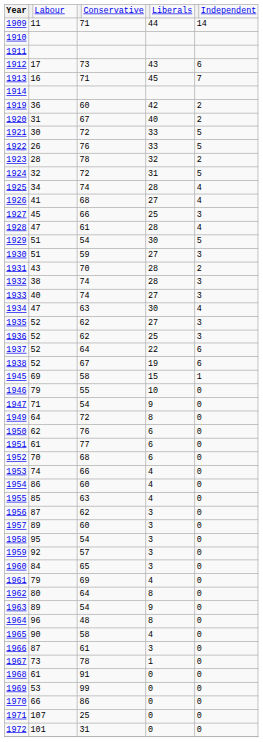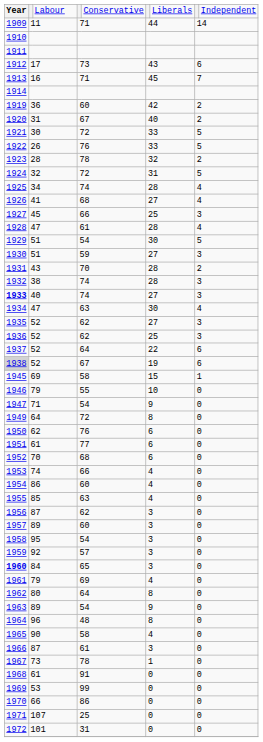 <table class="wikitable" style="font-size: 95%;">
 <tr>
 <th>Year</th>
 <th style="background-color: "></th>
 <td width="60"><a href='#'>Labour</a></td>
 <th style="background-color: "></th>
 <td width="60"><a href='#'>Conservative</a></td>
 <th style="background-color: "></th>
 <td width="60"><a href='#'>Liberals</a></td>
 <th style="background-color: "></th>
 <td width="60"><a href='#'>Independent</a></td>
 </tr>
 <tr>
 <td><a href='#'>1909</a></td>
 <td colspan="2">11</td>
 <td colspan="2">71</td>
 <td colspan="2">44</td>
 <td colspan="2">14</td>
 </tr>
 <tr>
 <td><a href='#'>1910</a></td>
 <td colspan="2"></td>
 <td colspan="2"></td>
 <td colspan="2"></td>
 <td colspan="2"></td>
 </tr>
 <tr>
 <td><a href='#'>1911</a></td>
 <td colspan="2"></td>
 <td colspan="2"></td>
 <td colspan="2"></td>
 <td colspan="2"></td>
 </tr>
 <tr>
 <td><a href='#'>1912</a></td>
 <td colspan="2">17</td>
 <td colspan="2">73</td>
 <td colspan="2">43</td>
 <td colspan="2">6</td>
 </tr>
 <tr>
 <td><a href='#'>1913</a></td>
 <td colspan="2">16</td>
 <td colspan="2">71</td>
 <td colspan="2">45</td>
 <td colspan="2">7</td>
 </tr>
 <tr>
 <td><a href='#'>1914</a></td>
 <td colspan="2"></td>
 <td colspan="2"></td>
 <td colspan="2"></td>
 <td colspan="2"></td>
 </tr>
 <tr>
 <td><a href='#'>1919</a></td>
 <td colspan="2">36</td>
 <td colspan="2">60</td>
 <td colspan="2">42</td>
 <td colspan="2">2</td>
 </tr>
 <tr>
 <td><a href='#'>1920</a></td>
 <td colspan="2">31</td>
 <td colspan="2">67</td>
 <td colspan="2">40</td>
 <td colspan="2">2</td>
 </tr>
 <tr>
 <td><a href='#'>1921</a></td>
 <td colspan="2">30</td>
 <td colspan="2">72</td>
 <td colspan="2">33</td>
 <td colspan="2">5</td>
 </tr>
 <tr>
 <td><a href='#'>1922</a></td>
 <td colspan="2">26</td>
 <td colspan="2">76</td>
 <td colspan="2">33</td>
 <td colspan="2">5</td>
 </tr>
 <tr>
 <td><a href='#'>1923</a></td>
 <td colspan="2">28</td>
 <td colspan="2">78</td>
 <td colspan="2">32</td>
 <td colspan="2">2</td>
 </tr>
 <tr>
 <td><a href='#'>1924</a></td>
 <td colspan="2">32</td>
 <td colspan="2">72</td>
 <td colspan="2">31</td>
 <td colspan="2">5</td>
 </tr>
 <tr>
 <td><a href='#'>1925</a></td>
 <td colspan="2">34</td>
 <td colspan="2">74</td>
 <td colspan="2">28</td>
 <td colspan="2">4</td>
 </tr>
 <tr>
 <td><a href='#'>1926</a></td>
 <td colspan="2">41</td>
 <td colspan="2">68</td>
 <td colspan="2">27</td>
 <td colspan="2">4</td>
 </tr>
 <tr>
 <td><a href='#'>1927</a></td>
 <td colspan="2">45</td>
 <td colspan="2">66</td>
 <td colspan="2">25</td>
 <td colspan="2">3</td>
 </tr>
 <tr>
 <td><a href='#'>1928</a></td>
 <td colspan="2">47</td>
 <td colspan="2">61</td>
 <td colspan="2">28</td>
 <td colspan="2">4</td>
 </tr>
 <tr>
 <td><a href='#'>1929</a></td>
 <td colspan="2">51</td>
 <td colspan="2">54</td>
 <td colspan="2">30</td>
 <td colspan="2">5</td>
 </tr>
 <tr>
 <td><a href='#'>1930</a></td>
 <td colspan="2">51</td>
 <td colspan="2">59</td>
 <td colspan="2">27</td>
 <td colspan="2">3</td>
 </tr>
 <tr>
 <td><a href='#'>1931</a></td>
 <td colspan="2">43</td>
 <td colspan="2">70</td>
 <td colspan="2">28</td>
 <td colspan="2">2</td>
 </tr>
 <tr>
 <td><a href='#'>1932</a></td>
 <td colspan="2">38</td>
 <td colspan="2">74</td>
 <td colspan="2">28</td>
 <td colspan="2">3</td>
 </tr>
 <tr>
-<td><a href='#'>1933</a></td>
+<td><strong><a href='#'>1933</a></strong></td>
 <td colspan="2">40</td>
 <td colspan="2">74</td>
 <td colspan="2">27</td>
 <td colspan="2">3</td>
 </tr>
 <tr>
 <td><a href='#'>1934</a></td>
 <td colspan="2">47</td>
 <td colspan="2">63</td>
 <td colspan="2">30</td>
 <td colspan="2">4</td>
 </tr>
 <tr>
 <td><a href='#'>1935</a></td>
 <td colspan="2">52</td>
 <td colspan="2">62</td>
 <td colspan="2">27</td>
 <td colspan="2">3</td>
 </tr>
 <tr>
 <td><a href='#'>1936</a></td>
 <td colspan="2">52</td>
 <td colspan="2">62</td>
 <td colspan="2">25</td>
 <td colspan="2">3</td>
 </tr>
 <tr>
 <td><a href='#'>1937</a></td>
 <td colspan="2">52</td>
 <td colspan="2">64</td>
 <td colspan="2">22</td>
 <td colspan="2">6</td>
 </tr>
 <tr>
-<td><a href='#'>1938</a></td>
+<td style="background: lightgrey;"><a href='#'>1938</a></td>
 <td colspan="2">52</td>
 <td colspan="2">67</td>
 <td colspan="2">19</td>
 <td colspan="2">6</td>
 </tr>
 <tr>
 <td><a href='#'>1945</a></td>
 <td colspan="2">69</td>
 <td colspan="2">58</td>
 <td colspan="2">15</td>
 <td colspan="2">1</td>
 </tr>
 <tr>
 <td><a href='#'>1946</a></td>
 <td colspan="2">79</td>
 <td colspan="2">55</td>
 <td colspan="2">10</td>
 <td colspan="2">0</td>
 </tr>
 <tr>
 <td><a href='#'>1947</a></td>
 <td colspan="2">71</td>
 <td colspan="2">54</td>
 <td colspan="2">9</td>
 <td colspan="2">0</td>
 </tr>
 <tr>
 <td><a href='#'>1949</a></td>
 <td colspan="2">64</td>
 <td colspan="2">72</td>
 <td colspan="2">8</td>
 <td colspan="2">0</td>
 </tr>
 <tr>
 <td><a href='#'>1950</a></td>
 <td colspan="2">62</td>
 <td colspan="2">76</td>
 <td colspan="2">6</td>
 <td colspan="2">0</td>
 </tr>
 <tr>
 <td><a href='#'>1951</a></td>
 <td colspan="2">61</td>
 <td colspan="2">77</td>
 <td colspan="2">6</td>
 <td colspan="2">0</td>
 </tr>
 <tr>
 <td><a href='#'>1952</a></td>
 <td colspan="2">70</td>
 <td colspan="2">68</td>
 <td colspan="2">6</td>
 <td colspan="2">0</td>
 </tr>
 <tr>
 <td><a href='#'>1953</a></td>
 <td colspan="2">74</td>
 <td colspan="2">66</td>
 <td colspan="2">4</td>
 <td colspan="2">0</td>
 </tr>
 <tr>
 <td><a href='#'>1954</a></td>
 <td colspan="2">86</td>
 <td colspan="2">60</td>
 <td colspan="2">4</td>
 <td colspan="2">0</td>
 </tr>
 <tr>
 <td><a href='#'>1955</a></td>
 <td colspan="2">85</td>
 <td colspan="2">63</td>
 <td colspan="2">4</td>
 <td colspan="2">0</td>
 </tr>
 <tr>
 <td><a href='#'>1956</a></td>
 <td colspan="2">87</td>
 <td colspan="2">62</td>
 <td colspan="2">3</td>
 <td colspan="2">0</td>
 </tr>
 <tr>
 <td><a href='#'>1957</a></td>
 <td colspan="2">89</td>
 <td colspan="2">60</td>
 <td colspan="2">3</td>
 <td colspan="2">0</td>
 </tr>
 <tr>
 <td><a href='#'>1958</a></td>
 <td colspan="2">95</td>
 <td colspan="2">54</td>
 <td colspan="2">3</td>
 <td colspan="2">0</td>
 </tr>
 <tr>
 <td><a href='#'>1959</a></td>
 <td colspan="2">92</td>
 <td colspan="2">57</td>
 <td colspan="2">3</td>
 <td colspan="2">0</td>
 </tr>
 <tr>
-<td><a href='#'>1960</a></td>
+<td><strong><a href='#'>1960</a></strong></td>
 <td colspan="2">84</td>
 <td colspan="2">65</td>
 <td colspan="2">3</td>
 <td colspan="2">0</td>
 </tr>
 <tr>
 <td><a href='#'>1961</a></td>
 <td colspan="2">79</td>
 <td colspan="2">69</td>
 <td colspan="2">4</td>
 <td colspan="2">0</td>
 </tr>
 <tr>
 <td><a href='#'>1962</a></td>
 <td colspan="2">80</td>
 <td colspan="2">64</td>
 <td colspan="2">8</td>
 <td colspan="2">0</td>
 </tr>
 <tr>
 <td><a href='#'>1963</a></td>
 <td colspan="2">89</td>
 <td colspan="2">54</td>
 <td colspan="2">9</td>
 <td colspan="2">0</td>
 </tr>
 <tr>
 <td><a href='#'>1964</a></td>
 <td colspan="2">96</td>
 <td colspan="2">48</td>
 <td colspan="2">8</td>
 <td colspan="2">0</td>
 </tr>
 <tr>
 <td><a href='#'>1965</a></td>
 <td colspan="2">90</td>
 <td colspan="2">58</td>
 <td colspan="2">4</td>
 <td colspan="2">0</td>
 </tr>
 <tr>
 <td><a href='#'>1966</a></td>
 <td colspan="2">87</td>
 <td colspan="2">61</td>
 <td colspan="2">3</td>
 <td colspan="2">0</td>
 </tr>
 <tr>
 <td><a href='#'>1967</a></td>
 <td colspan="2">73</td>
 <td colspan="2">78</td>
 <td colspan="2">1</td>
 <td colspan="2">0</td>
 </tr>
 <tr>
 <td><a href='#'>1968</a></td>
 <td colspan="2">61</td>
 <td colspan="2">91</td>
 <td colspan="2">0</td>
 <td colspan="2">0</td>
 </tr>
 <tr>
 <td><a href='#'>1969</a></td>
 <td colspan="2">53</td>
 <td colspan="2">99</td>
 <td colspan="2">0</td>
 <td colspan="2">0</td>
 </tr>
 <tr>
 <td><a href='#'>1970</a></td>
 <td colspan="2">66</td>
 <td colspan="2">86</td>
 <td colspan="2">0</td>
 <td colspan="2">0</td>
 </tr>
 <tr>
 <td><a href='#'>1971</a></td>
 <td colspan="2">107</td>
 <td colspan="2">25</td>
 <td colspan="2">0</td>
 <td colspan="2">0</td>
 </tr>
 <tr>
 <td><a href='#'>1972</a></td>
 <td colspan="2">101</td>
 <td colspan="2">31</td>
 <td colspan="2">0</td>
 <td colspan="2">0</td>
 </tr>
 <tr>
 </tr>
 </table>
